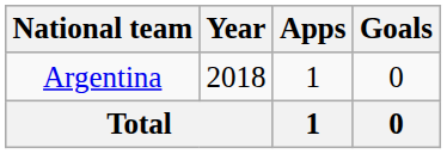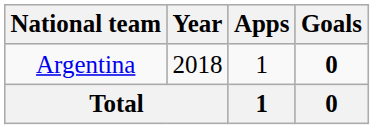 <table class=wikitable style=text-align:center>
 <tr>
 <th>National team</th>
 <th>Year</th>
 <th>Apps</th>
 <th>Goals</th>
 </tr>
 <tr>
 <td><a href='#'>Argentina</a></td>
 <td>2018</td>
 <td>1</td>
-<td>0</td>
+<td><strong>0</strong></td>
 </tr>
 <tr>
 <th colspan=2>Total</th>
 <th>1</th>
 <th>0</th>
 </tr>
 </table>
